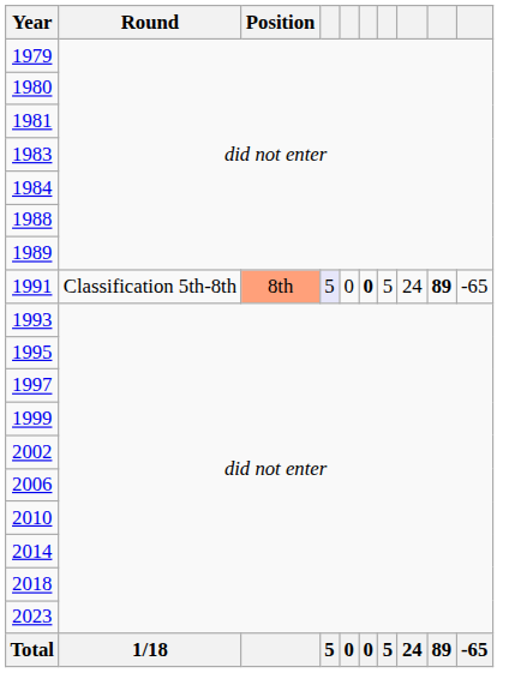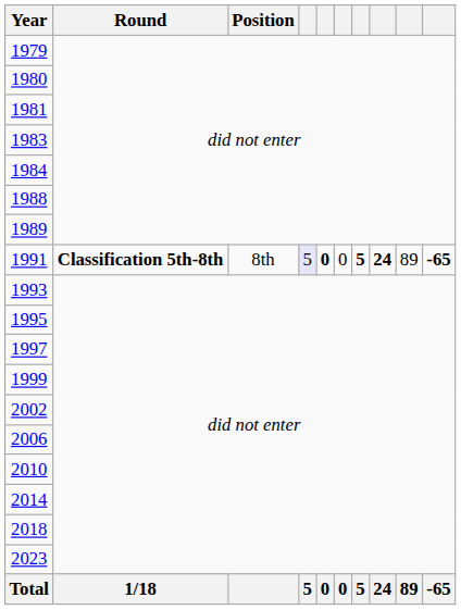 <table class="wikitable" style="text-align:center; font-size:90%;">
 <tr>
 <th>Year</th>
 <th>Round</th>
 <th>Position</th>
 <th></th>
 <th></th>
 <th></th>
 <th></th>
 <th></th>
 <th></th>
 <th></th>
 </tr>
 <tr>
 <td><a href='#'>1979</a></td>
 <td rowspan=7 colspan=9><em>did not enter</em></td>
 </tr>
 <tr>
 <td><a href='#'>1980</a></td>
 </tr>
 <tr>
 <td><a href='#'>1981</a></td>
 </tr>
 <tr>
 <td><a href='#'>1983</a></td>
 </tr>
 <tr>
 <td><a href='#'>1984</a></td>
 </tr>
 <tr>
 <td><a href='#'>1988</a></td>
 </tr>
 <tr>
 <td><a href='#'>1989</a></td>
 </tr>
 <tr>
 <td><a href='#'>1991</a></td>
-<td>Classification 5th-8th</td>
-<td style="background: lightsalmon;">8th</td>
+<td><strong>Classification 5th-8th</strong></td>
+<td>8th</td>
 <td style="background: lavender;">5</td>
+<td><strong>0</strong></td>
 <td>0</td>
-<td><strong>0</strong></td>
-<td>5</td>
-<td>24</td>
-<td><strong>89</strong></td>
-<td>-65</td>
+<td><strong>5</strong></td>
+<td><strong>24</strong></td>
+<td>89</td>
+<td><strong>-65</strong></td>
 </tr>
 <tr>
 <td><a href='#'>1993</a></td>
 <td rowspan=10 colspan=9><em>did not enter</em></td>
 </tr>
 <tr>
 <td><a href='#'>1995</a></td>
 </tr>
 <tr>
 <td><a href='#'>1997</a></td>
 </tr>
 <tr>
 <td><a href='#'>1999</a></td>
 </tr>
 <tr>
 <td><a href='#'>2002</a></td>
 </tr>
 <tr>
 <td><a href='#'>2006</a></td>
 </tr>
 <tr>
 <td><a href='#'>2010</a></td>
 </tr>
 <tr>
 <td><a href='#'>2014</a></td>
 </tr>
 <tr>
 <td><a href='#'>2018</a></td>
 </tr>
 <tr>
 <td><a href='#'>2023</a></td>
 </tr>
 <tr>
 <th>Total</th>
 <th>1/18</th>
 <th></th>
 <th>5</th>
 <th>0</th>
 <th>0</th>
 <th>5</th>
 <th>24</th>
 <th>89</th>
 <th>-65</th>
 </tr>
 </table>
